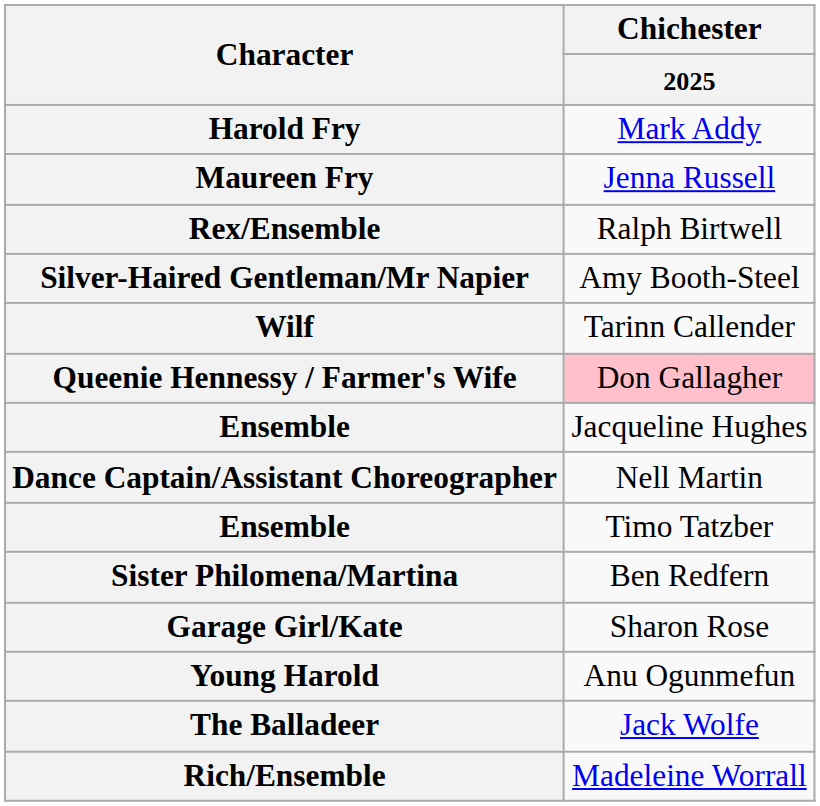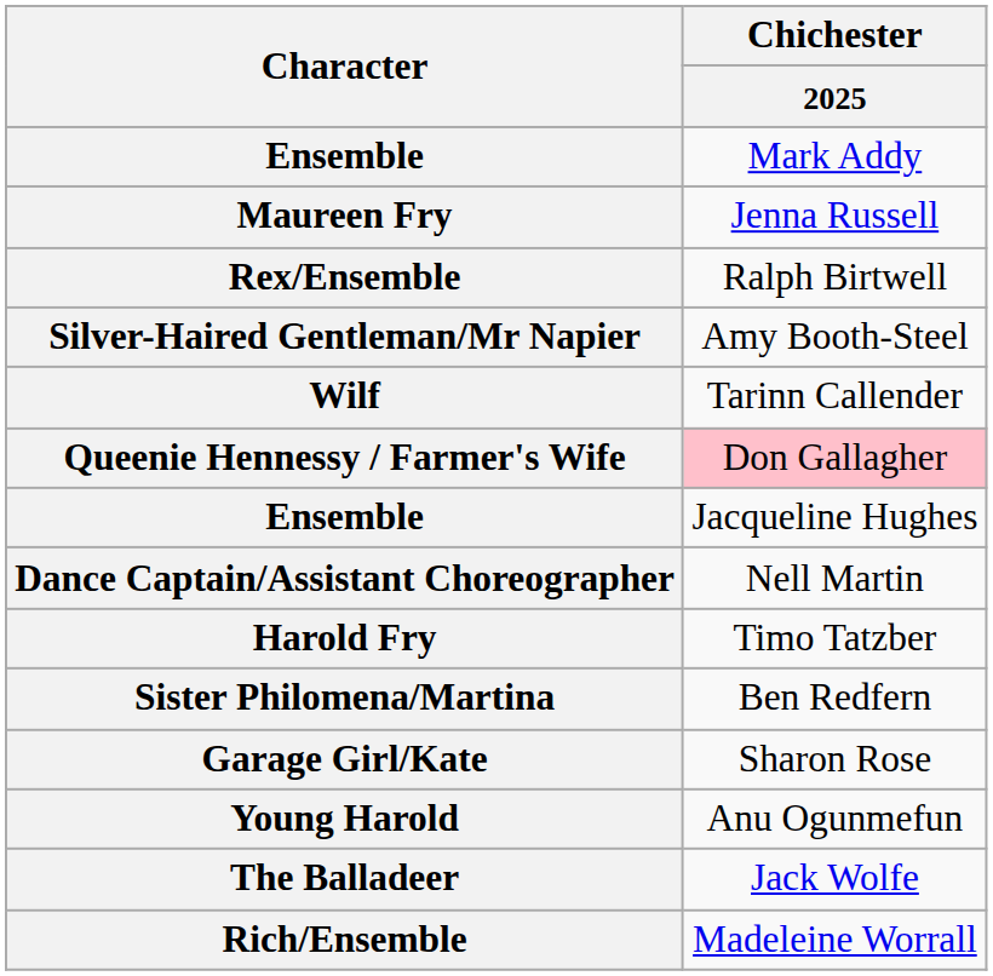 <table class="wikitable">
 <tr>
 <th rowspan="2">Character</th>
 <th>Chichester</th>
 </tr>
 <tr>
 <th><small>2025</small></th>
 </tr>
 <tr>
-<th>Harold Fry</th>
+<th>Ensemble</th>
 <td align=center><a href='#'>Mark Addy</a></td>
 </tr>
 <tr>
 <th>Maureen Fry</th>
 <td align=center><a href='#'>Jenna Russell</a></td>
 </tr>
 <tr>
 <th>Rex/Ensemble</th>
 <td align=center>Ralph Birtwell</td>
 </tr>
 <tr>
 <th>Silver-Haired Gentleman/Mr Napier</th>
 <td align=center>Amy Booth-Steel</td>
 </tr>
 <tr>
 <th>Wilf</th>
 <td align=center>Tarinn Callender</td>
 </tr>
 <tr>
 <th>Queenie Hennessy / Farmer's Wife</th>
 <td align=center style="background: pink;">Don Gallagher</td>
 </tr>
 <tr>
 <th>Ensemble</th>
 <td align=center>Jacqueline Hughes</td>
 </tr>
 <tr>
 <th>Dance Captain/Assistant Choreographer</th>
 <td align=center>Nell Martin</td>
 </tr>
 <tr>
-<th>Ensemble</th>
+<th>Harold Fry</th>
 <td align=center>Timo Tatzber</td>
 </tr>
 <tr>
 <th>Sister Philomena/Martina</th>
 <td align=center>Ben Redfern</td>
 </tr>
 <tr>
 <th>Garage Girl/Kate</th>
 <td align=center>Sharon Rose</td>
 </tr>
 <tr>
 <th>Young Harold</th>
 <td align=center>Anu Ogunmefun</td>
 </tr>
 <tr>
 <th>The Balladeer</th>
 <td align=center><a href='#'>Jack Wolfe</a></td>
 </tr>
 <tr>
 <th>Rich/Ensemble</th>
 <td align=center><a href='#'>Madeleine Worrall</a></td>
 </tr>
 </table>
